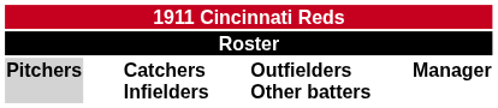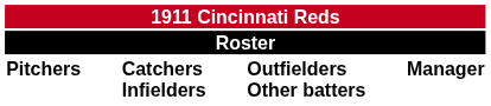 <table class="toccolours" style="font-size: 95%;">
 <tr>
 <th colspan="10" style="background-color: #c6011f; color: #FFFFFF; text-align: center;">1911 Cincinnati Reds</th>
 </tr>
 <tr>
 <td colspan="10" style="background-color: black; color: #FFFFFF; text-align: center;"><strong>Roster</strong></td>
 </tr>
 <tr>
-<td valign="top" style="background: lightgrey;"><strong>Pitchers</strong><br>             </td>
+<td valign="top"><strong>Pitchers</strong><br>             </td>
 <td width="25px"></td>
 <td valign="top"><strong>Catchers</strong><br>   <strong>Infielders</strong>        </td>
 <td width="25px"></td>
 <td valign="top"><strong>Outfielders</strong><br>     <strong>Other batters</strong>  </td>
 <td width="25px"></td>
 <td valign="top"><strong>Manager</strong><br></td>
 </tr>
 </table>
